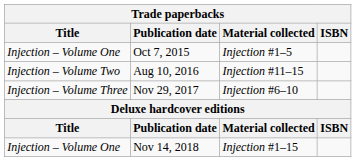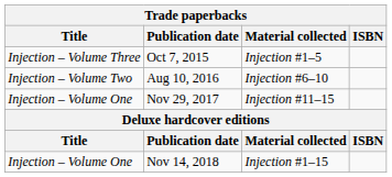 <table class="wikitable">
 <tr>
 <th colspan=4>Trade paperbacks</th>
 </tr>
 <tr>
 <th>Title</th>
 <th>Publication date</th>
 <th>Material collected</th>
 <th>ISBN</th>
 </tr>
 <tr>
-<td><em>Injection – Volume One</em></td>
+<td><em>Injection – Volume Three</em></td>
 <td>Oct 7, 2015</td>
 <td><em>Injection</em> #1–5</td>
 <td></td>
 </tr>
 <tr>
 <td><em>Injection – Volume Two</em></td>
 <td>Aug 10, 2016</td>
-<td><em>Injection</em> #11–15</td>
+<td><em>Injection</em> #6–10</td>
 <td></td>
 </tr>
 <tr>
-<td><em>Injection – Volume Three</em></td>
+<td><em>Injection – Volume One</em></td>
 <td>Nov 29, 2017</td>
-<td><em>Injection</em> #6–10</td>
+<td><em>Injection</em> #11–15</td>
 <td></td>
 </tr>
 <tr>
 <th colspan=4>Deluxe hardcover editions</th>
 </tr>
 <tr>
 <th>Title</th>
 <th>Publication date</th>
 <th>Material collected</th>
 <th>ISBN</th>
 </tr>
 <tr>
 <td><em>Injection – Volume One</em></td>
 <td>Nov 14, 2018</td>
 <td><em>Injection</em> #1–15</td>
 <td></td>
 </tr>
 </table>
